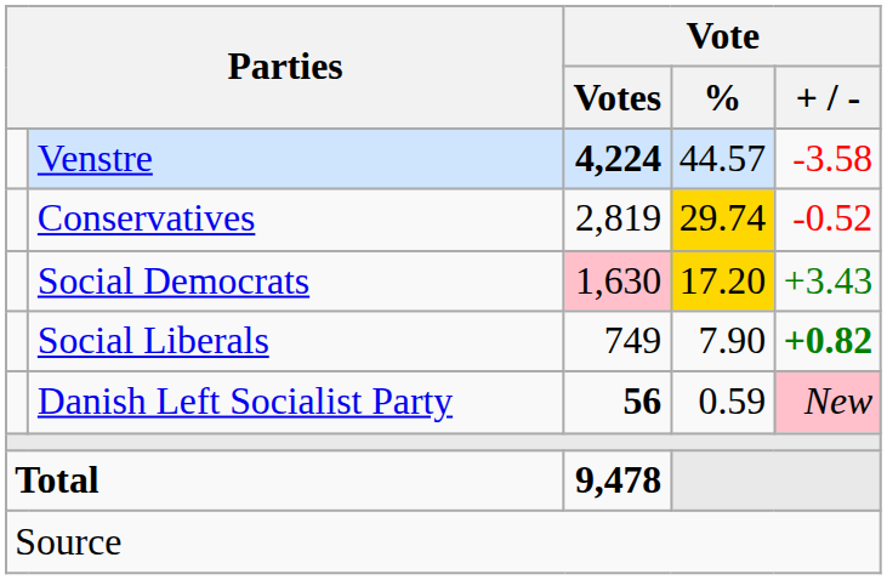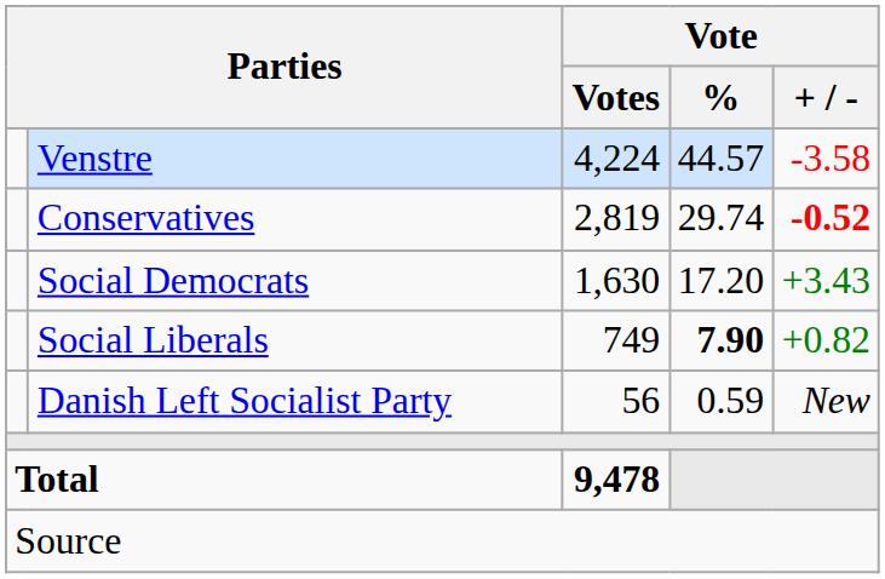 <table class="wikitable" style="text-align:right;">
 <tr>
 <th style="text-align:centre;" rowspan="2" colspan="2" width="225">Parties</th>
 <th colspan="3">Vote</th>
 </tr>
 <tr>
 <th width="15">Votes</th>
 <th width="15">%</th>
 <th width="15">+ / -</th>
 </tr>
 <tr>
 <td width="2" style="color:inherit;background:"></td>
 <td bgcolor=#cfe5fe  align="left"><a href='#'>Venstre</a></td>
-<td bgcolor=#cfe5fe><strong>4,224</strong></td>
+<td bgcolor=#cfe5fe>4,224</td>
 <td bgcolor=#cfe5fe>44.57</td>
 <td style=color:red;>-3.58</td>
 </tr>
 <tr>
 <td width="2" style="color:inherit;background:"></td>
 <td align="left"><a href='#'>Conservatives</a></td>
 <td>2,819</td>
-<td style="background: gold;">29.74</td>
-<td style=color:red;>-0.52</td>
+<td>29.74</td>
+<td style=color:red;><strong>-0.52</strong></td>
 </tr>
 <tr>
 <td width="2" style="color:inherit;background:"></td>
 <td align="left"><a href='#'>Social Democrats</a></td>
-<td style="background: pink;">1,630</td>
-<td style="background: gold;">17.20</td>
+<td>1,630</td>
+<td>17.20</td>
 <td style=color:green;>+3.43</td>
 </tr>
 <tr>
 <td width="2" style="color:inherit;background:"></td>
 <td align="left"><a href='#'>Social Liberals</a></td>
 <td>749</td>
-<td>7.90</td>
-<td style=color:green;><strong>+0.82</strong></td>
+<td><strong>7.90</strong></td>
+<td style=color:green;>+0.82</td>
 </tr>
 <tr>
 <td width="2" style="color:inherit;background:"></td>
 <td align="left"><a href='#'>Danish Left Socialist Party</a></td>
-<td><strong>56</strong></td>
+<td>56</td>
 <td>0.59</td>
-<td style="background: pink;"><em>New</em></td>
+<td><em>New</em></td>
 </tr>
 <tr>
 <td colspan="7" bgcolor="#E9E9E9"></td>
 </tr>
 <tr>
 <td align="left" colspan="2"><strong>Total</strong></td>
 <td><strong>9,478</strong></td>
 <td bgcolor="#E9E9E9" colspan="2"></td>
 </tr>
 <tr>
 <td align="left" colspan="6">Source</td>
 </tr>
 </table>
